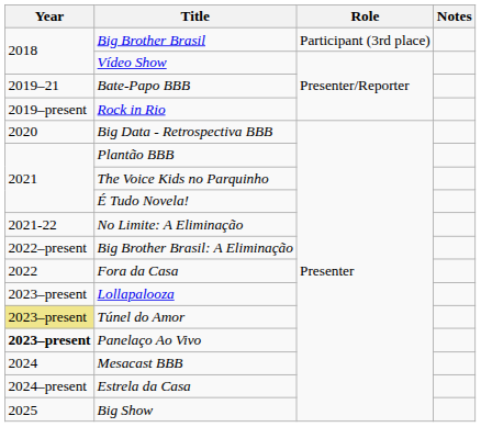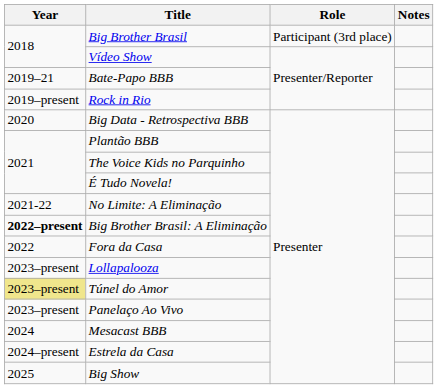 <table class="wikitable">
 <tr>
 <th>Year</th>
 <th>Title</th>
 <th>Role</th>
 <th>Notes</th>
 </tr>
 <tr>
 <td rowspan="2">2018</td>
 <td><em><a href='#'>Big Brother Brasil</a></em></td>
 <td>Participant (3rd place)</td>
 <td></td>
 </tr>
 <tr>
 <td><em><a href='#'>Vídeo Show</a></em></td>
 <td rowspan="3">Presenter/Reporter</td>
 <td></td>
 </tr>
 <tr>
 <td>2019–21</td>
 <td><em>Bate-Papo BBB</em></td>
 <td></td>
 </tr>
 <tr>
 <td rowspan="1">2019–present</td>
 <td><em><a href='#'>Rock in Rio</a></em></td>
 <td></td>
 </tr>
 <tr>
 <td>2020</td>
 <td><em>Big Data - Retrospectiva BBB</em></td>
 <td rowspan="13">Presenter</td>
 <td></td>
 </tr>
 <tr>
 <td rowspan="3">2021</td>
 <td><em>Plantão BBB</em></td>
 <td></td>
 </tr>
 <tr>
 <td><em>The Voice Kids no Parquinho</em></td>
 <td></td>
 </tr>
 <tr>
 <td><em>É Tudo Novela!</em></td>
 <td></td>
 </tr>
 <tr>
 <td>2021-22</td>
 <td><em>No Limite: A Eliminação</em></td>
 <td></td>
 </tr>
 <tr>
-<td>2022–present</td>
+<td><strong>2022–present</strong></td>
 <td><em>Big Brother Brasil: A Eliminação</em></td>
 <td></td>
 </tr>
 <tr>
 <td rowspan="1">2022</td>
 <td><em>Fora da Casa</em></td>
 <td></td>
 </tr>
 <tr>
 <td>2023–present</td>
 <td><em><a href='#'>Lollapalooza</a></em></td>
 <td></td>
 </tr>
 <tr>
 <td style="background: khaki;">2023–present</td>
 <td><em>Túnel do Amor</em></td>
 <td></td>
 </tr>
 <tr>
-<td><strong>2023–present</strong></td>
+<td>2023–present</td>
 <td><em>Panelaço Ao Vivo</em></td>
 <td></td>
 </tr>
 <tr>
 <td>2024</td>
 <td><em>Mesacast BBB</em></td>
 <td></td>
 </tr>
 <tr>
 <td>2024–present</td>
 <td><em>Estrela da Casa</em></td>
 <td></td>
 </tr>
 <tr>
 <td>2025</td>
 <td><em>Big Show</em></td>
 <td></td>
 </tr>
 </table>
